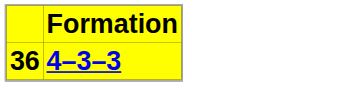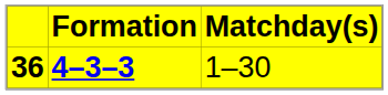 <table class="toccolours" border="0" cellpadding="2" cellspacing="0" align="center" style="margin: 0.5em 0 1em 1em; background: #000000; border: 1px #aaaaaa solid;">
 <tr bgcolor=#FFFF00>
 <th></th>
 <th>Formation</th>
+<th>Matchday(s)</th>
 </tr>
 <tr bgcolor=#FFFF00>
 <td><strong>36</strong></td>
 <td><a href='#'><span><strong>4–3–3</strong></span></a></td>
+<td>1–30</td>
 </tr>
 </table>
